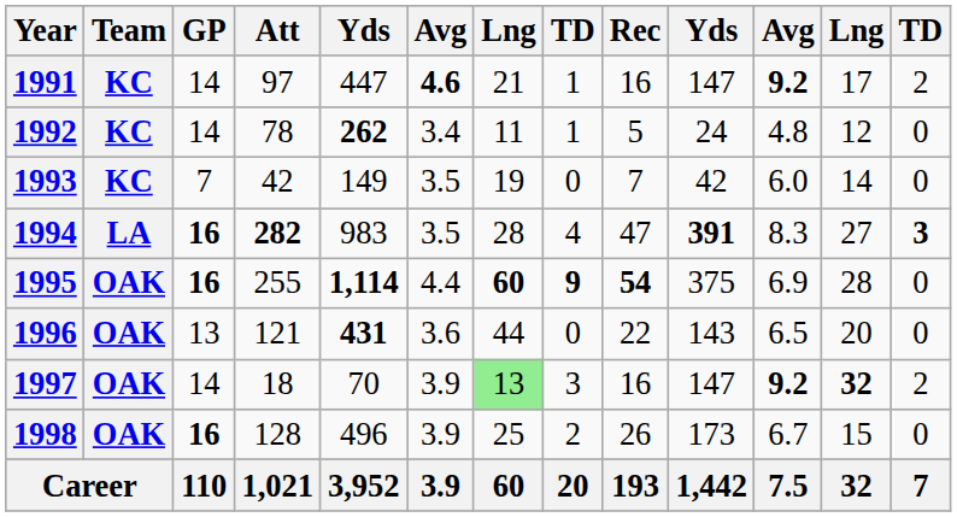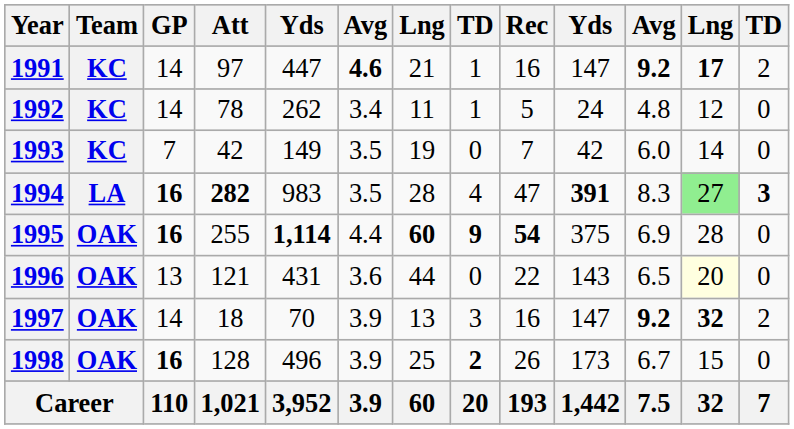 <table class="wikitable" style="text-align: center;">
 <tr>
 <th>Year</th>
 <th>Team</th>
 <th>GP</th>
 <th>Att</th>
 <th>Yds</th>
 <th>Avg</th>
 <th>Lng</th>
 <th>TD</th>
 <th>Rec</th>
 <th>Yds</th>
 <th>Avg</th>
 <th>Lng</th>
 <th>TD</th>
 </tr>
 <tr>
 <th><a href='#'>1991</a></th>
 <th><a href='#'>KC</a></th>
 <td>14</td>
 <td>97</td>
 <td>447</td>
 <td><strong>4.6</strong></td>
 <td>21</td>
 <td>1</td>
 <td>16</td>
 <td>147</td>
 <td><strong>9.2</strong></td>
-<td>17</td>
+<td><strong>17</strong></td>
 <td>2</td>
 </tr>
 <tr>
 <th><a href='#'>1992</a></th>
 <th><a href='#'>KC</a></th>
 <td>14</td>
 <td>78</td>
-<td><strong>262</strong></td>
+<td>262</td>
 <td>3.4</td>
 <td>11</td>
 <td>1</td>
 <td>5</td>
 <td>24</td>
 <td>4.8</td>
 <td>12</td>
 <td>0</td>
 </tr>
 <tr>
 <th><a href='#'>1993</a></th>
 <th><a href='#'>KC</a></th>
 <td>7</td>
 <td>42</td>
 <td>149</td>
 <td>3.5</td>
 <td>19</td>
 <td>0</td>
 <td>7</td>
 <td>42</td>
 <td>6.0</td>
 <td>14</td>
 <td>0</td>
 </tr>
 <tr>
 <th><a href='#'>1994</a></th>
 <th><a href='#'>LA</a></th>
 <td><strong>16</strong></td>
 <td><strong>282</strong></td>
 <td>983</td>
 <td>3.5</td>
 <td>28</td>
 <td>4</td>
 <td>47</td>
 <td><strong>391</strong></td>
 <td>8.3</td>
-<td>27</td>
+<td style="background: lightgreen;">27</td>
 <td><strong>3</strong></td>
 </tr>
 <tr>
 <th><a href='#'>1995</a></th>
 <th><a href='#'>OAK</a></th>
 <td><strong>16</strong></td>
 <td>255</td>
 <td><strong>1,114</strong></td>
 <td>4.4</td>
 <td><strong>60</strong></td>
 <td><strong>9</strong></td>
 <td><strong>54</strong></td>
 <td>375</td>
 <td>6.9</td>
 <td>28</td>
 <td>0</td>
 </tr>
 <tr>
 <th><a href='#'>1996</a></th>
 <th><a href='#'>OAK</a></th>
 <td>13</td>
 <td>121</td>
-<td><strong>431</strong></td>
+<td>431</td>
 <td>3.6</td>
 <td>44</td>
 <td>0</td>
 <td>22</td>
 <td>143</td>
 <td>6.5</td>
-<td>20</td>
+<td style="background: lightyellow;">20</td>
 <td>0</td>
 </tr>
 <tr>
 <th><a href='#'>1997</a></th>
 <th><a href='#'>OAK</a></th>
 <td>14</td>
 <td>18</td>
 <td>70</td>
 <td>3.9</td>
-<td style="background: lightgreen;">13</td>
+<td>13</td>
 <td>3</td>
 <td>16</td>
 <td>147</td>
 <td><strong>9.2</strong></td>
 <td><strong>32</strong></td>
 <td>2</td>
 </tr>
 <tr>
 <th><a href='#'>1998</a></th>
 <th><a href='#'>OAK</a></th>
 <td><strong>16</strong></td>
 <td>128</td>
 <td>496</td>
 <td>3.9</td>
 <td>25</td>
-<td>2</td>
+<td><strong>2</strong></td>
 <td>26</td>
 <td>173</td>
 <td>6.7</td>
 <td>15</td>
 <td>0</td>
 </tr>
 <tr>
 <th colspan="2">Career</th>
 <th>110</th>
 <th>1,021</th>
 <th>3,952</th>
 <th>3.9</th>
 <th>60</th>
 <th>20</th>
 <th>193</th>
 <th>1,442</th>
 <th>7.5</th>
 <th>32</th>
 <th>7</th>
 </tr>
 </table>
